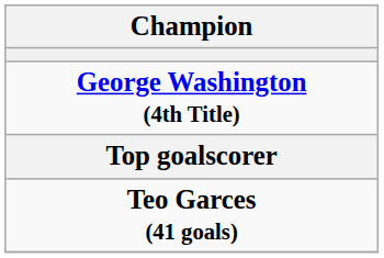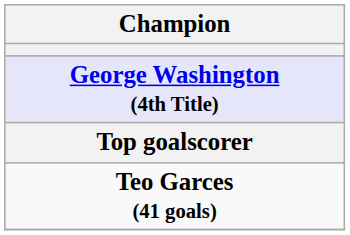 <table class="wikitable" style="margin: 0 auto; width: 220px;">
 <tr>
 <th>Champion</th>
 </tr>
 <tr>
 <th></th>
 </tr>
 <tr>
-<td align="center"><strong><a href='#'>George Washington</a></strong><br><small><strong>(4th Title)</strong></small></td>
+<td align="center" style="background: lavender;"><strong><a href='#'>George Washington</a></strong><br><small><strong>(4th Title)</strong></small></td>
 </tr>
 <tr>
 <th>Top goalscorer</th>
 </tr>
 <tr>
 <td align="center"><strong>Teo Garces</strong><br><small><strong>(41 goals)</strong></small></td>
 </tr>
 <tr>
 </tr>
 </table>
